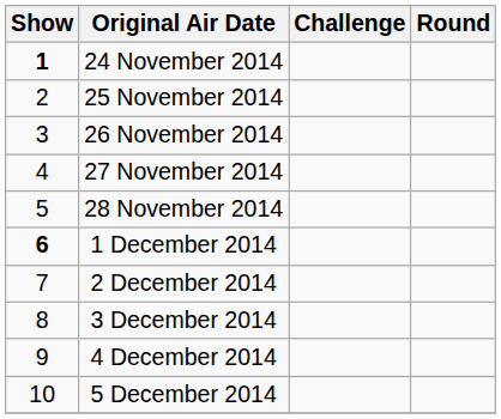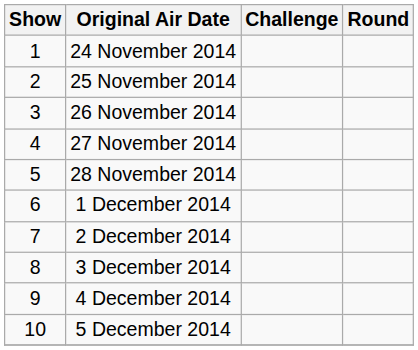 <table class="wikitable"  style="text-align:center;">
 <tr>
 <th>Show</th>
 <th>Original Air Date</th>
 <th>Challenge</th>
 <th>Round</th>
 </tr>
 <tr>
-<td><strong>1</strong></td>
+<td>1</td>
 <td>24 November 2014</td>
 <td></td>
 <td></td>
 </tr>
 <tr>
 <td>2</td>
 <td>25 November 2014</td>
 <td></td>
 <td></td>
 </tr>
 <tr>
 <td>3</td>
 <td>26 November 2014</td>
 <td></td>
 <td></td>
 </tr>
 <tr>
 <td>4</td>
 <td>27 November 2014</td>
 <td></td>
 <td></td>
 </tr>
 <tr>
 <td>5</td>
 <td>28 November 2014</td>
 <td></td>
 <td></td>
 </tr>
 <tr>
-<td><strong>6</strong></td>
+<td>6</td>
 <td>1 December 2014</td>
 <td></td>
 <td></td>
 </tr>
 <tr>
 <td>7</td>
 <td>2 December 2014</td>
 <td></td>
 <td></td>
 </tr>
 <tr>
 <td>8</td>
 <td>3 December 2014</td>
 <td></td>
 <td></td>
 </tr>
 <tr>
 <td>9</td>
 <td>4 December 2014</td>
 <td></td>
 <td></td>
 </tr>
 <tr>
 <td>10</td>
 <td>5 December 2014</td>
 <td></td>
 <td></td>
 </tr>
 <tr>
 </tr>
 </table>
